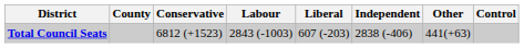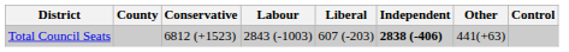 <table class="wikitable">
 <tr border=1 cellspacing=0 cellpadding=5>
 <th>District</th>
 <th>County</th>
 <th>Conservative</th>
 <th>Labour</th>
 <th>Liberal</th>
 <th>Independent</th>
 <th>Other</th>
 <th>Control</th>
 </tr>
 <tr bgcolor=CCCCCC>
-<td><strong><a href='#'>Total Council Seats</a></strong></td>
+<td><a href='#'>Total Council Seats</a></td>
 <td></td>
 <td>6812 (+1523)</td>
 <td>2843 (-1003)</td>
 <td>607 (-203)</td>
-<td>2838 (-406)</td>
+<td><strong>2838 (-406)</strong></td>
 <td>441(+63)</td>
 <td></td>
 </tr>
 </table>
